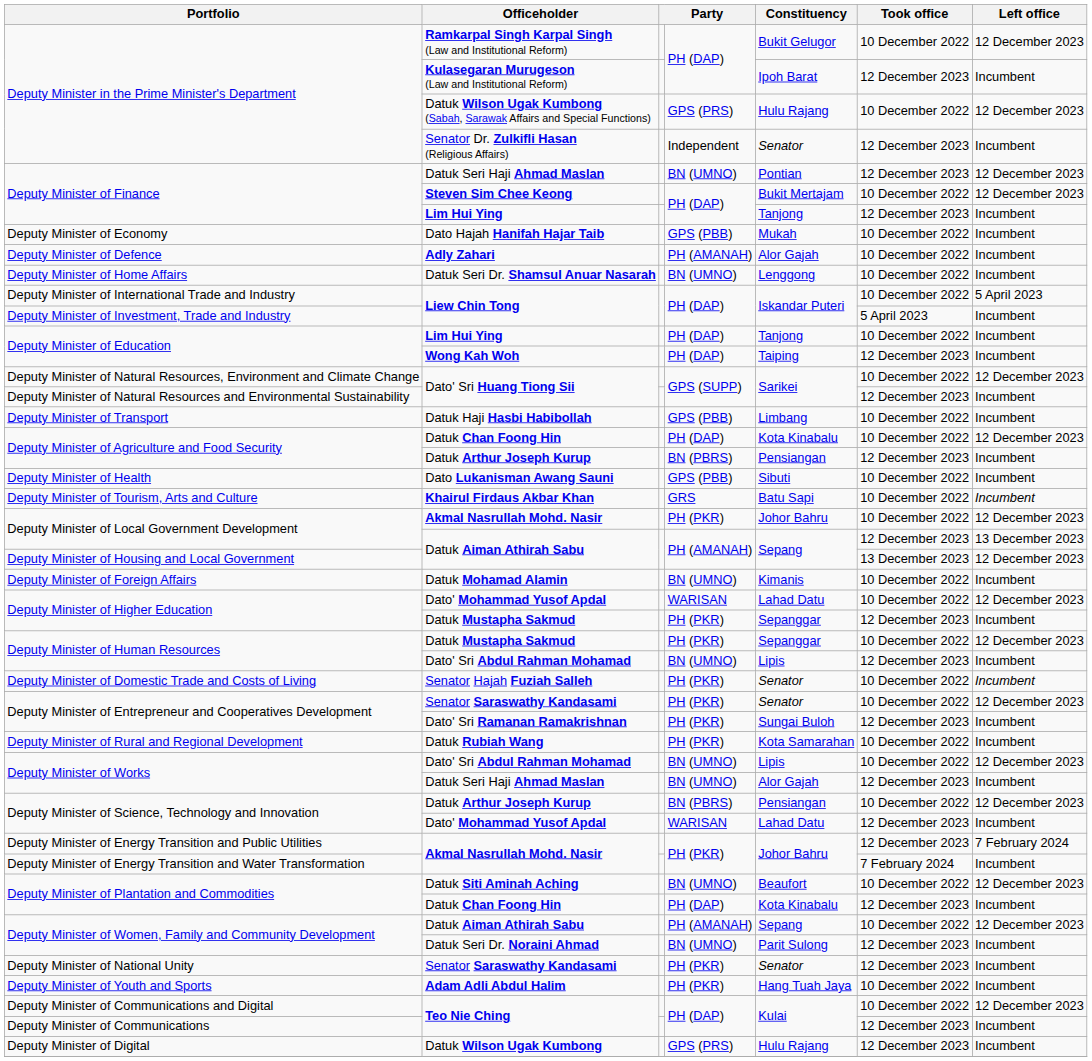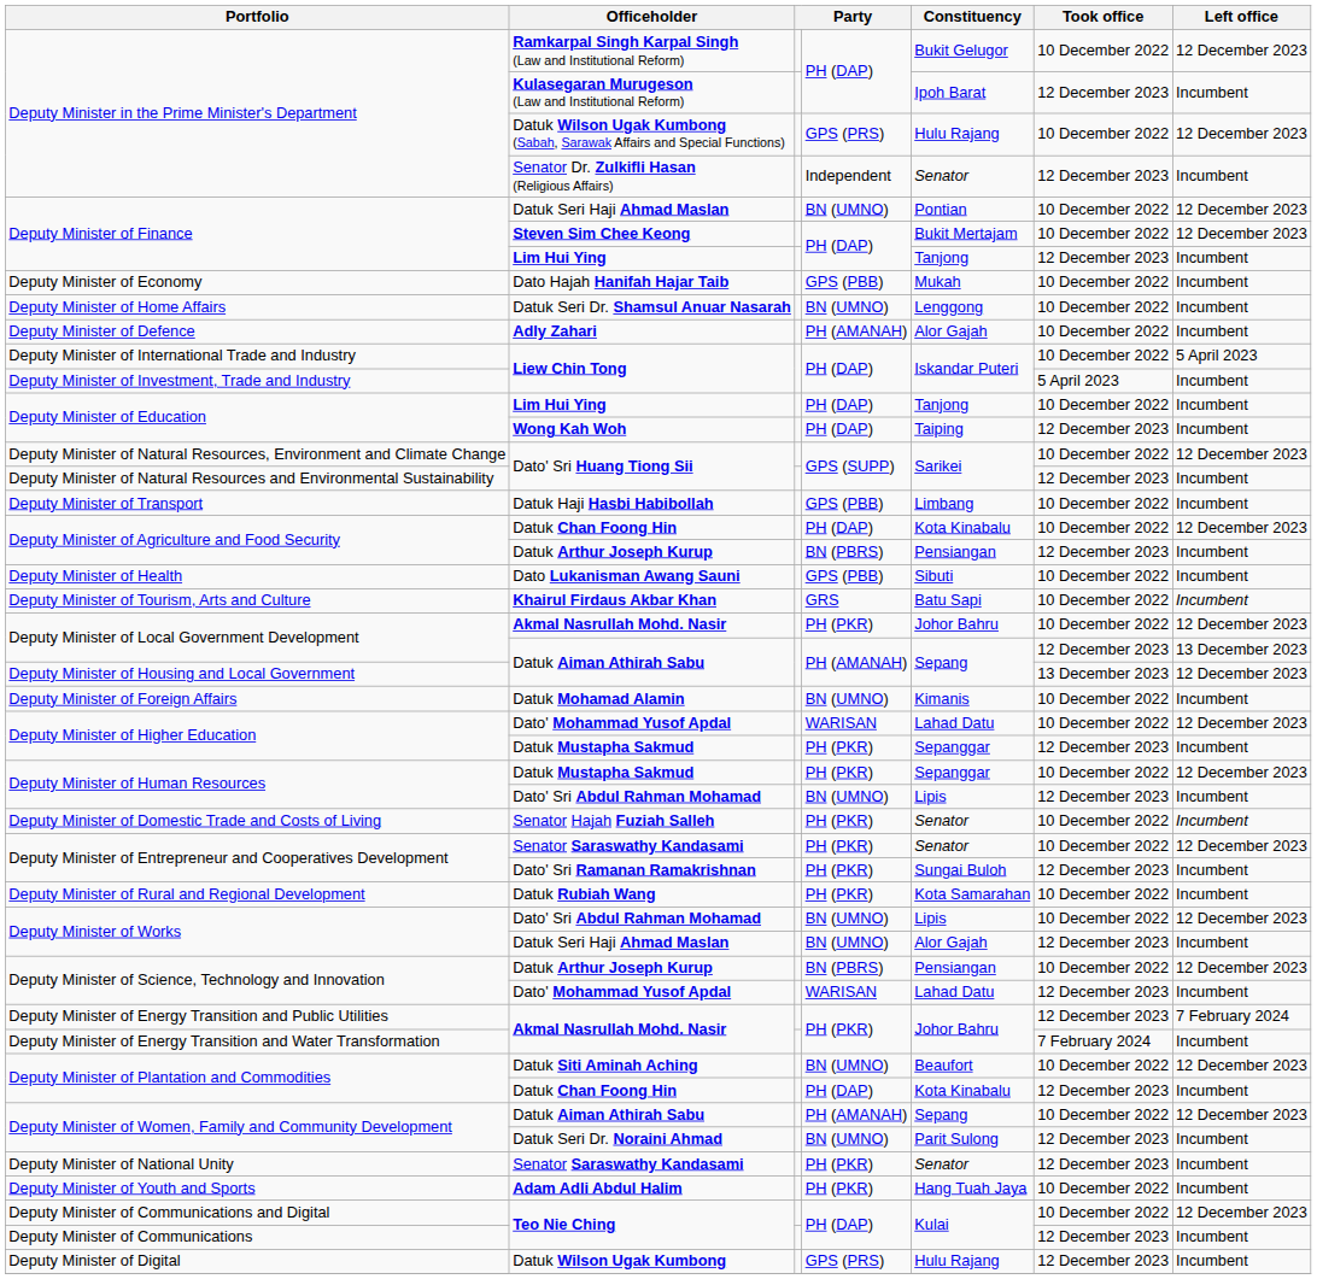 <table class="sortable wikitable">
 <tr>
 <th>Portfolio</th>
 <th>Officeholder</th>
 <th colspan=2>Party</th>
 <th>Constituency</th>
 <th>Took office</th>
 <th>Left office</th>
 </tr>
 <tr>
 <td rowspan=4><a href='#'>Deputy Minister in the Prime Minister's Department</a></td>
 <td><a href='#'><strong>Ramkarpal Singh Karpal Singh</strong></a> <br><small>(Law and Institutional Reform)</small></td>
 <td></td>
 <td rowspan="2"><a href='#'>PH</a> (<a href='#'>DAP</a>)</td>
 <td><a href='#'>Bukit Gelugor</a></td>
 <td>10 December 2022</td>
 <td>12 December 2023</td>
 </tr>
 <tr>
 <td><strong><a href='#'>Kulasegaran Murugeson</a></strong> <br><small>(Law and Institutional Reform)</small></td>
 <td></td>
 <td><a href='#'>Ipoh Barat</a></td>
 <td>12 December 2023</td>
 <td>Incumbent</td>
 </tr>
 <tr>
 <td>Datuk <strong><a href='#'>Wilson Ugak Kumbong</a></strong> <br><small>(<a href='#'>Sabah</a>, <a href='#'>Sarawak</a> Affairs and Special Functions)</small></td>
 <td></td>
 <td><a href='#'>GPS</a> (<a href='#'>PRS</a>)</td>
 <td><a href='#'>Hulu Rajang</a></td>
 <td>10 December 2022</td>
 <td>12 December 2023</td>
 </tr>
 <tr>
 <td><a href='#'>Senator</a> Dr. <strong><a href='#'>Zulkifli Hasan</a></strong><br><small>(Religious Affairs)</small></td>
 <td></td>
 <td>Independent</td>
 <td><em>Senator</em></td>
 <td>12 December 2023</td>
 <td>Incumbent</td>
 </tr>
 <tr>
 <td rowspan="3"><a href='#'>Deputy Minister of Finance</a></td>
 <td>Datuk Seri Haji <strong><a href='#'>Ahmad Maslan</a></strong> </td>
 <td></td>
 <td><a href='#'>BN</a> (<a href='#'>UMNO</a>)</td>
 <td><a href='#'>Pontian</a></td>
-<td>12 December 2023</td>
+<td>10 December 2022</td>
 <td>12 December 2023</td>
 </tr>
 <tr>
 <td><strong><a href='#'>Steven Sim Chee Keong</a></strong> </td>
 <td></td>
 <td rowspan="2"><a href='#'>PH</a> (<a href='#'>DAP</a>)</td>
 <td><a href='#'>Bukit Mertajam</a></td>
 <td>10 December 2022</td>
 <td>12 December 2023</td>
 </tr>
 <tr>
 <td><strong><a href='#'>Lim Hui Ying</a></strong> </td>
 <td></td>
 <td><a href='#'>Tanjong</a></td>
 <td>12 December 2023</td>
 <td>Incumbent</td>
 </tr>
 <tr>
 <td>Deputy Minister of Economy</td>
 <td>Dato Hajah <strong><a href='#'>Hanifah Hajar Taib</a></strong> </td>
 <td></td>
 <td><a href='#'>GPS</a> (<a href='#'>PBB</a>)</td>
 <td><a href='#'>Mukah</a></td>
 <td>10 December 2022</td>
 <td>Incumbent</td>
 </tr>
 <tr>
+<td><a href='#'>Deputy Minister of Home Affairs</a></td>
+<td>Datuk Seri Dr. <strong><a href='#'>Shamsul Anuar Nasarah</a></strong> </td>
+<td></td>
+<td><a href='#'>BN</a> (<a href='#'>UMNO</a>)</td>
+<td><a href='#'>Lenggong</a></td>
+<td>10 December 2022</td>
+<td>Incumbent</td>
+</tr>
+<tr>
 <td><a href='#'>Deputy Minister of Defence</a></td>
 <td><strong><a href='#'>Adly Zahari</a></strong>  </td>
 <td></td>
 <td><a href='#'>PH</a> (<a href='#'>AMANAH</a>)</td>
 <td><a href='#'>Alor Gajah</a></td>
-<td>10 December 2022</td>
-<td>Incumbent</td>
-</tr>
-<tr>
-<td><a href='#'>Deputy Minister of Home Affairs</a></td>
-<td>Datuk Seri Dr. <strong><a href='#'>Shamsul Anuar Nasarah</a></strong> </td>
-<td></td>
-<td><a href='#'>BN</a> (<a href='#'>UMNO</a>)</td>
-<td><a href='#'>Lenggong</a></td>
 <td>10 December 2022</td>
 <td>Incumbent</td>
 </tr>
 <tr>
 <td>Deputy Minister of International Trade and Industry</td>
 <td rowspan="2"><strong><a href='#'>Liew Chin Tong</a></strong>  </td>
 <td rowspan="2"></td>
 <td rowspan="2"><a href='#'>PH</a> (<a href='#'>DAP</a>)</td>
 <td rowspan="2"><a href='#'>Iskandar Puteri</a></td>
 <td>10 December 2022</td>
 <td>5 April 2023</td>
 </tr>
 <tr>
 <td><a href='#'>Deputy Minister of Investment, Trade and Industry</a></td>
 <td>5 April 2023</td>
 <td>Incumbent</td>
 </tr>
 <tr>
 <td rowspan="2"><a href='#'>Deputy Minister of Education</a></td>
 <td><strong><a href='#'>Lim Hui Ying</a></strong> </td>
 <td></td>
 <td><a href='#'>PH</a> (<a href='#'>DAP</a>)</td>
 <td><a href='#'>Tanjong</a></td>
 <td>10 December 2022</td>
 <td>Incumbent</td>
 </tr>
 <tr>
 <td><strong><a href='#'>Wong Kah Woh</a></strong> </td>
 <td></td>
 <td><a href='#'>PH</a> (<a href='#'>DAP</a>)</td>
 <td><a href='#'>Taiping</a></td>
 <td>12 December 2023</td>
 <td>Incumbent</td>
 </tr>
 <tr>
 <td>Deputy Minister of Natural Resources, Environment and Climate Change</td>
 <td rowspan="2">Dato' Sri <strong><a href='#'>Huang Tiong Sii</a></strong>  </td>
 <td></td>
 <td rowspan="2"><a href='#'>GPS</a> (<a href='#'>SUPP</a>)</td>
 <td rowspan="2"><a href='#'>Sarikei</a></td>
 <td>10 December 2022</td>
 <td>12 December 2023</td>
 </tr>
 <tr>
 <td>Deputy Minister of Natural Resources and Environmental Sustainability</td>
 <td></td>
 <td>12 December 2023</td>
 <td>Incumbent</td>
 </tr>
 <tr>
 <td><a href='#'>Deputy Minister of Transport</a></td>
 <td>Datuk Haji <strong><a href='#'>Hasbi Habibollah</a></strong> </td>
 <td></td>
 <td><a href='#'>GPS</a> (<a href='#'>PBB</a>)</td>
 <td><a href='#'>Limbang</a></td>
 <td>10 December 2022</td>
 <td>Incumbent</td>
 </tr>
 <tr>
 <td rowspan="2"><a href='#'>Deputy Minister of Agriculture and Food Security</a></td>
 <td>Datuk <strong><a href='#'>Chan Foong Hin</a></strong> </td>
 <td></td>
 <td><a href='#'>PH</a> (<a href='#'>DAP</a>)</td>
 <td><a href='#'>Kota Kinabalu</a></td>
 <td>10 December 2022</td>
 <td>12 December 2023</td>
 </tr>
 <tr>
 <td>Datuk <strong><a href='#'>Arthur Joseph Kurup</a></strong> </td>
 <td></td>
 <td><a href='#'>BN</a> (<a href='#'>PBRS</a>)</td>
 <td><a href='#'>Pensiangan</a></td>
 <td>12 December 2023</td>
 <td>Incumbent</td>
 </tr>
 <tr>
 <td><a href='#'>Deputy Minister of Health</a></td>
 <td>Dato <strong><a href='#'>Lukanisman Awang Sauni</a></strong> </td>
 <td></td>
 <td><a href='#'>GPS</a> (<a href='#'>PBB</a>)</td>
 <td><a href='#'>Sibuti</a></td>
 <td>10 December 2022</td>
 <td>Incumbent</td>
 </tr>
 <tr>
 <td><a href='#'>Deputy Minister of Tourism, Arts and Culture</a></td>
 <td><strong><a href='#'>Khairul Firdaus Akbar Khan</a></strong> </td>
 <td></td>
 <td><a href='#'>GRS</a></td>
 <td><a href='#'>Batu Sapi</a></td>
 <td>10 December 2022</td>
 <td><em>Incumbent</em></td>
 </tr>
 <tr>
 <td rowspan=2>Deputy Minister of Local Government Development</td>
 <td><strong><a href='#'>Akmal Nasrullah Mohd. Nasir</a></strong> </td>
 <td></td>
 <td><a href='#'>PH</a> (<a href='#'>PKR</a>)</td>
 <td><a href='#'>Johor Bahru</a></td>
 <td>10 December 2022</td>
 <td>12 December 2023</td>
 </tr>
 <tr>
 <td rowspan=2>Datuk <strong><a href='#'>Aiman Athirah Sabu</a></strong> </td>
 <td rowspan=2></td>
 <td rowspan=2><a href='#'>PH</a> (<a href='#'>AMANAH</a>)</td>
 <td rowspan=2><a href='#'>Sepang</a></td>
 <td>12 December 2023</td>
 <td>13 December 2023</td>
 </tr>
 <tr>
 <td><a href='#'>Deputy Minister of Housing and Local Government</a></td>
 <td>13 December 2023</td>
 <td>12 December 2023</td>
 </tr>
 <tr>
 <td><a href='#'>Deputy Minister of Foreign Affairs</a></td>
 <td>Datuk <strong><a href='#'>Mohamad Alamin</a></strong> </td>
 <td></td>
 <td><a href='#'>BN</a> (<a href='#'>UMNO</a>)</td>
 <td><a href='#'>Kimanis</a></td>
 <td>10 December 2022</td>
 <td>Incumbent</td>
 </tr>
 <tr>
 <td rowspan="2"><a href='#'>Deputy Minister of Higher Education</a></td>
 <td>Dato' <strong><a href='#'>Mohammad Yusof Apdal</a></strong> </td>
 <td></td>
 <td><a href='#'>WARISAN</a></td>
 <td><a href='#'>Lahad Datu</a></td>
 <td>10 December 2022</td>
 <td>12 December 2023</td>
 </tr>
 <tr>
 <td>Datuk <strong><a href='#'>Mustapha Sakmud</a></strong> </td>
 <td></td>
 <td><a href='#'>PH</a> (<a href='#'>PKR</a>)</td>
 <td><a href='#'>Sepanggar</a></td>
 <td>12 December 2023</td>
 <td>Incumbent</td>
 </tr>
 <tr>
 <td rowspan="2"><a href='#'>Deputy Minister of Human Resources</a></td>
 <td>Datuk <strong><a href='#'>Mustapha Sakmud</a></strong> </td>
 <td></td>
 <td><a href='#'>PH</a> (<a href='#'>PKR</a>)</td>
 <td><a href='#'>Sepanggar</a></td>
 <td>10 December 2022</td>
 <td>12 December 2023</td>
 </tr>
 <tr>
 <td>Dato' Sri <strong><a href='#'>Abdul Rahman Mohamad</a></strong> </td>
 <td></td>
 <td><a href='#'>BN</a> (<a href='#'>UMNO</a>)</td>
 <td><a href='#'>Lipis</a></td>
 <td>12 December 2023</td>
 <td>Incumbent</td>
 </tr>
 <tr>
 <td><a href='#'>Deputy Minister of Domestic Trade and Costs of Living</a></td>
 <td><a href='#'>Senator</a> <a href='#'>Hajah</a> <strong><a href='#'>Fuziah Salleh</a></strong></td>
 <td></td>
 <td><a href='#'>PH</a> (<a href='#'>PKR</a>)</td>
 <td><em>Senator</em></td>
 <td>10 December 2022</td>
 <td><em>Incumbent</em></td>
 </tr>
 <tr>
 <td rowspan="2">Deputy Minister of Entrepreneur and Cooperatives Development</td>
 <td><a href='#'>Senator</a> <strong><a href='#'>Saraswathy Kandasami</a></strong></td>
 <td></td>
 <td><a href='#'>PH</a> (<a href='#'>PKR</a>)</td>
 <td><em>Senator</em></td>
 <td>10 December 2022</td>
 <td>12 December 2023</td>
 </tr>
 <tr>
 <td>Dato' Sri <strong><a href='#'>Ramanan Ramakrishnan</a></strong> </td>
 <td></td>
 <td><a href='#'>PH</a> (<a href='#'>PKR</a>)</td>
 <td><a href='#'>Sungai Buloh</a></td>
 <td>12 December 2023</td>
 <td>Incumbent</td>
 </tr>
 <tr>
 <td><a href='#'>Deputy Minister of Rural and Regional Development</a></td>
 <td>Datuk <strong><a href='#'>Rubiah Wang</a></strong> </td>
 <td></td>
 <td><a href='#'>PH</a> (<a href='#'>PKR</a>)</td>
 <td><a href='#'>Kota Samarahan</a></td>
 <td>10 December 2022</td>
 <td>Incumbent</td>
 </tr>
 <tr>
 <td rowspan="2"><a href='#'>Deputy Minister of Works</a></td>
 <td>Dato' Sri <strong><a href='#'>Abdul Rahman Mohamad</a></strong> </td>
 <td></td>
 <td><a href='#'>BN</a> (<a href='#'>UMNO</a>)</td>
 <td><a href='#'>Lipis</a></td>
 <td>10 December 2022</td>
 <td>12 December 2023</td>
 </tr>
 <tr>
 <td>Datuk Seri Haji <strong><a href='#'>Ahmad Maslan</a></strong> </td>
 <td></td>
 <td><a href='#'>BN</a> (<a href='#'>UMNO</a>)</td>
 <td><a href='#'>Alor Gajah</a></td>
 <td>12 December 2023</td>
 <td>Incumbent</td>
 </tr>
 <tr>
 <td rowspan="2">Deputy Minister of Science, Technology and Innovation</td>
 <td>Datuk <strong><a href='#'>Arthur Joseph Kurup</a></strong> </td>
 <td></td>
 <td><a href='#'>BN</a> (<a href='#'>PBRS</a>)</td>
 <td><a href='#'>Pensiangan</a></td>
 <td>10 December 2022</td>
 <td>12 December 2023</td>
 </tr>
 <tr>
 <td>Dato' <strong><a href='#'>Mohammad Yusof Apdal</a></strong> </td>
 <td></td>
 <td><a href='#'>WARISAN</a></td>
 <td><a href='#'>Lahad Datu</a></td>
 <td>12 December 2023</td>
 <td>Incumbent</td>
 </tr>
 <tr>
 <td>Deputy Minister of Energy Transition and Public Utilities</td>
 <td rowspan=2><strong><a href='#'>Akmal Nasrullah Mohd. Nasir</a></strong> </td>
 <td></td>
 <td rowspan=2><a href='#'>PH</a> (<a href='#'>PKR</a>)</td>
 <td rowspan=2><a href='#'>Johor Bahru</a></td>
 <td>12 December 2023</td>
 <td>7 February 2024</td>
 </tr>
 <tr>
 <td>Deputy Minister of Energy Transition and Water Transformation</td>
 <td></td>
 <td>7 February 2024</td>
 <td>Incumbent</td>
 </tr>
 <tr>
 <td rowspan="2"><a href='#'>Deputy Minister of Plantation and Commodities</a></td>
 <td>Datuk <strong><a href='#'>Siti Aminah Aching</a></strong> </td>
 <td></td>
 <td><a href='#'>BN</a> (<a href='#'>UMNO</a>)</td>
 <td><a href='#'>Beaufort</a></td>
 <td>10 December 2022</td>
 <td>12 December 2023</td>
 </tr>
 <tr>
 <td>Datuk <strong><a href='#'>Chan Foong Hin</a></strong> </td>
 <td></td>
 <td><a href='#'>PH</a> (<a href='#'>DAP</a>)</td>
 <td><a href='#'>Kota Kinabalu</a></td>
 <td>12 December 2023</td>
 <td>Incumbent</td>
 </tr>
 <tr>
 <td rowspan="2"><a href='#'>Deputy Minister of Women, Family and Community Development</a></td>
 <td>Datuk <strong><a href='#'>Aiman Athirah Sabu</a></strong> </td>
 <td></td>
 <td><a href='#'>PH</a> (<a href='#'>AMANAH</a>)</td>
 <td><a href='#'>Sepang</a></td>
 <td>10 December 2022</td>
 <td>12 December 2023</td>
 </tr>
 <tr>
 <td>Datuk Seri Dr. <strong><a href='#'>Noraini Ahmad</a></strong> </td>
 <td></td>
 <td><a href='#'>BN</a> (<a href='#'>UMNO</a>)</td>
 <td><a href='#'>Parit Sulong</a></td>
 <td>12 December 2023</td>
 <td>Incumbent</td>
 </tr>
 <tr>
 <td>Deputy Minister of National Unity</td>
 <td><a href='#'>Senator</a> <strong><a href='#'>Saraswathy Kandasami</a></strong></td>
 <td></td>
 <td><a href='#'>PH</a> (<a href='#'>PKR</a>)</td>
 <td><em>Senator</em></td>
 <td>12 December 2023</td>
 <td>Incumbent</td>
 </tr>
 <tr>
 <td><a href='#'>Deputy Minister of Youth and Sports</a></td>
 <td><strong><a href='#'>Adam Adli Abdul Halim</a></strong> </td>
 <td></td>
 <td><a href='#'>PH</a> (<a href='#'>PKR</a>)</td>
 <td><a href='#'>Hang Tuah Jaya</a></td>
 <td>10 December 2022</td>
 <td>Incumbent</td>
 </tr>
 <tr>
 <td>Deputy Minister of Communications and Digital</td>
 <td rowspan="2"><strong><a href='#'>Teo Nie Ching</a></strong> </td>
 <td></td>
 <td rowspan="2"><a href='#'>PH</a> (<a href='#'>DAP</a>)</td>
 <td rowspan="2"><a href='#'>Kulai</a></td>
 <td>10 December 2022</td>
 <td>12 December 2023</td>
 </tr>
 <tr>
 <td>Deputy Minister of Communications</td>
 <td></td>
 <td>12 December 2023</td>
 <td>Incumbent</td>
 </tr>
 <tr>
 <td>Deputy Minister of Digital</td>
 <td>Datuk <strong><a href='#'>Wilson Ugak Kumbong</a></strong> </td>
 <td></td>
 <td><a href='#'>GPS</a> (<a href='#'>PRS</a>)</td>
 <td><a href='#'>Hulu Rajang</a></td>
 <td>12 December 2023</td>
 <td>Incumbent</td>
 </tr>
 <tr>
 </tr>
 </table>
